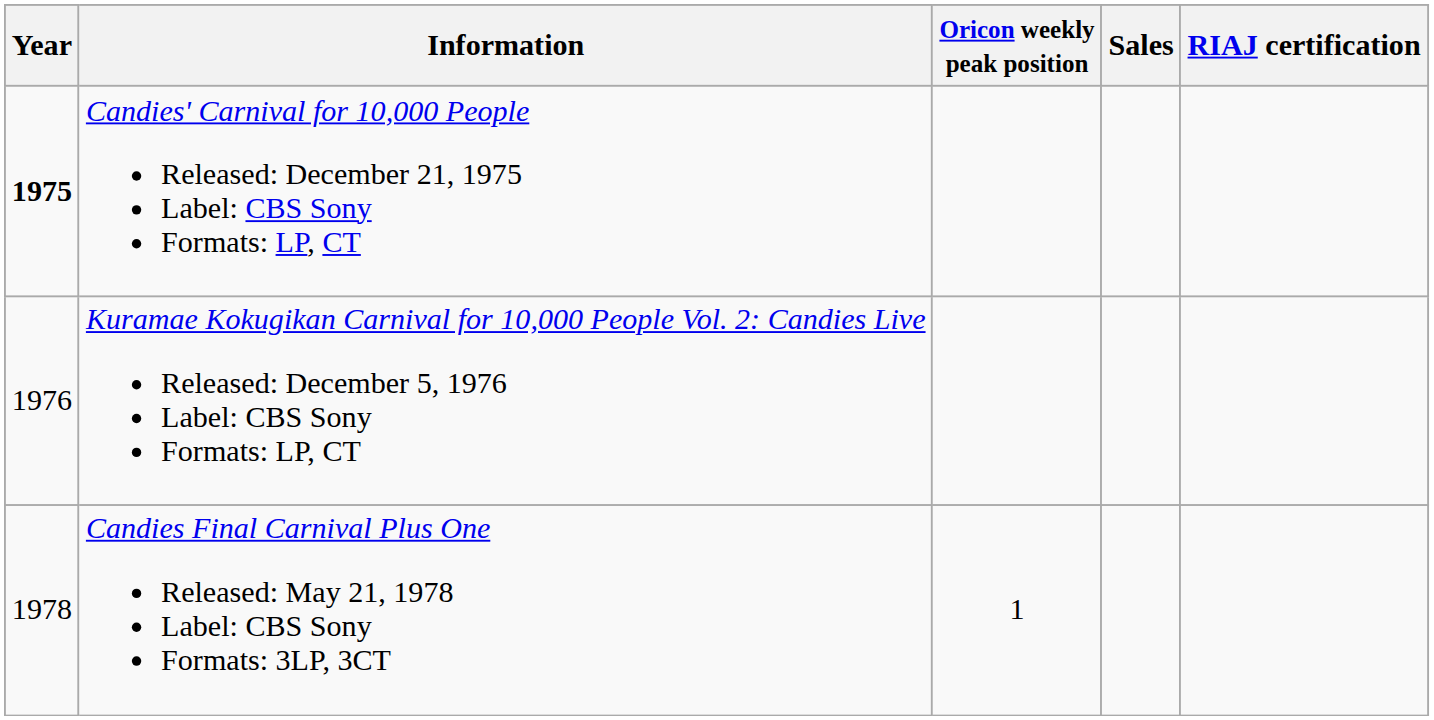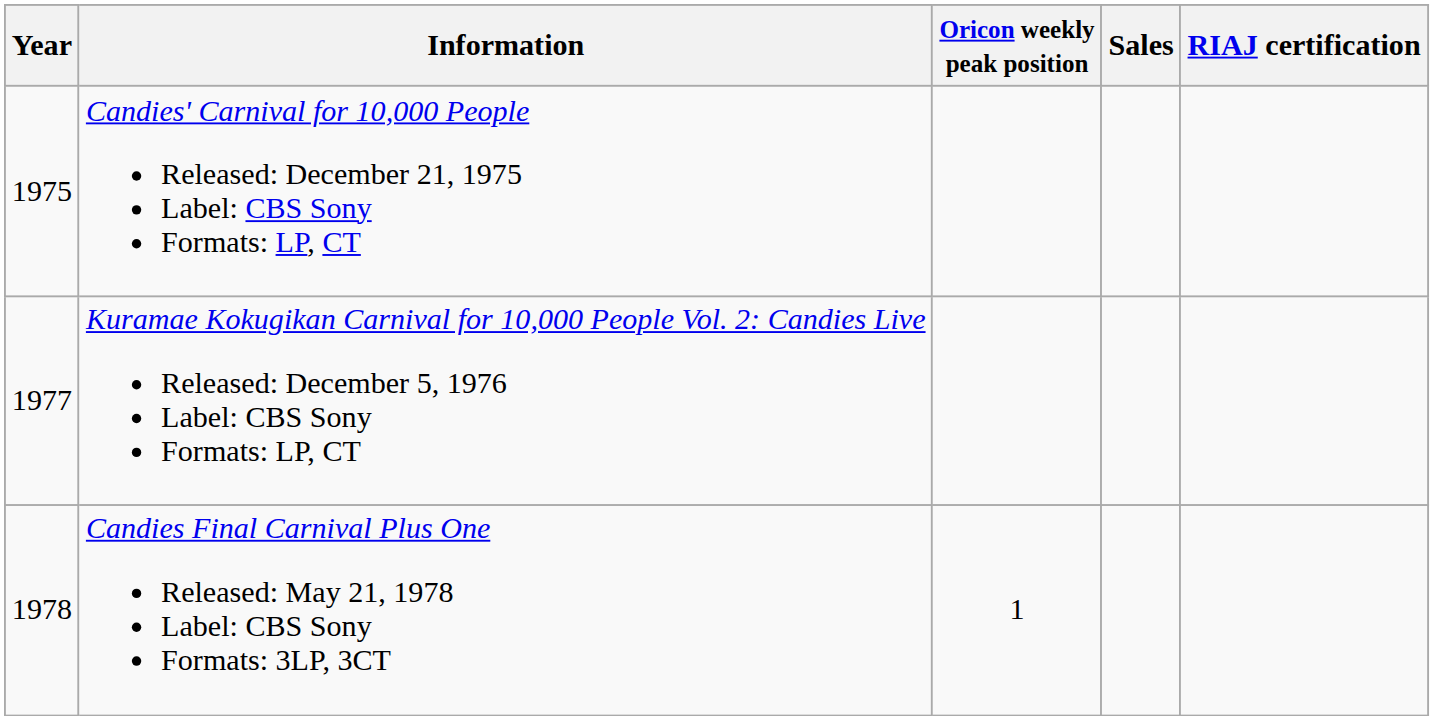 <table class="wikitable">
 <tr>
 <th>Year</th>
 <th>Information</th>
 <th><small><a href='#'>Oricon</a> weekly<br>peak position</small></th>
 <th>Sales<br></th>
 <th><a href='#'>RIAJ</a> certification</th>
 </tr>
 <tr>
-<td><strong>1975</strong></td>
+<td>1975</td>
 <td><em><a href='#'>Candies' Carnival for 10,000 People</a></em><br><ul><li>Released: December 21, 1975</li><li>Label: <a href='#'>CBS Sony</a></li><li>Formats: <a href='#'>LP</a>, <a href='#'>CT</a></li></ul></td>
 <td style="text-align:center;"></td>
 <td align="left"></td>
 <td align="left"></td>
 </tr>
 <tr>
-<td>1976</td>
+<td>1977</td>
 <td><em><a href='#'>Kuramae Kokugikan Carnival for 10,000 People Vol. 2: Candies Live</a></em><br><ul><li>Released: December 5, 1976</li><li>Label: CBS Sony</li><li>Formats: LP, CT</li></ul></td>
 <td style="text-align:center;"></td>
 <td align="left"></td>
 <td align="left"></td>
 </tr>
 <tr>
 <td>1978</td>
 <td><em><a href='#'>Candies Final Carnival Plus One</a></em><br><ul><li>Released: May 21, 1978</li><li>Label: CBS Sony</li><li>Formats: 3LP, 3CT</li></ul></td>
 <td style="text-align:center;">1</td>
 <td align="left"></td>
 <td align="left"></td>
 </tr>
 </table>
